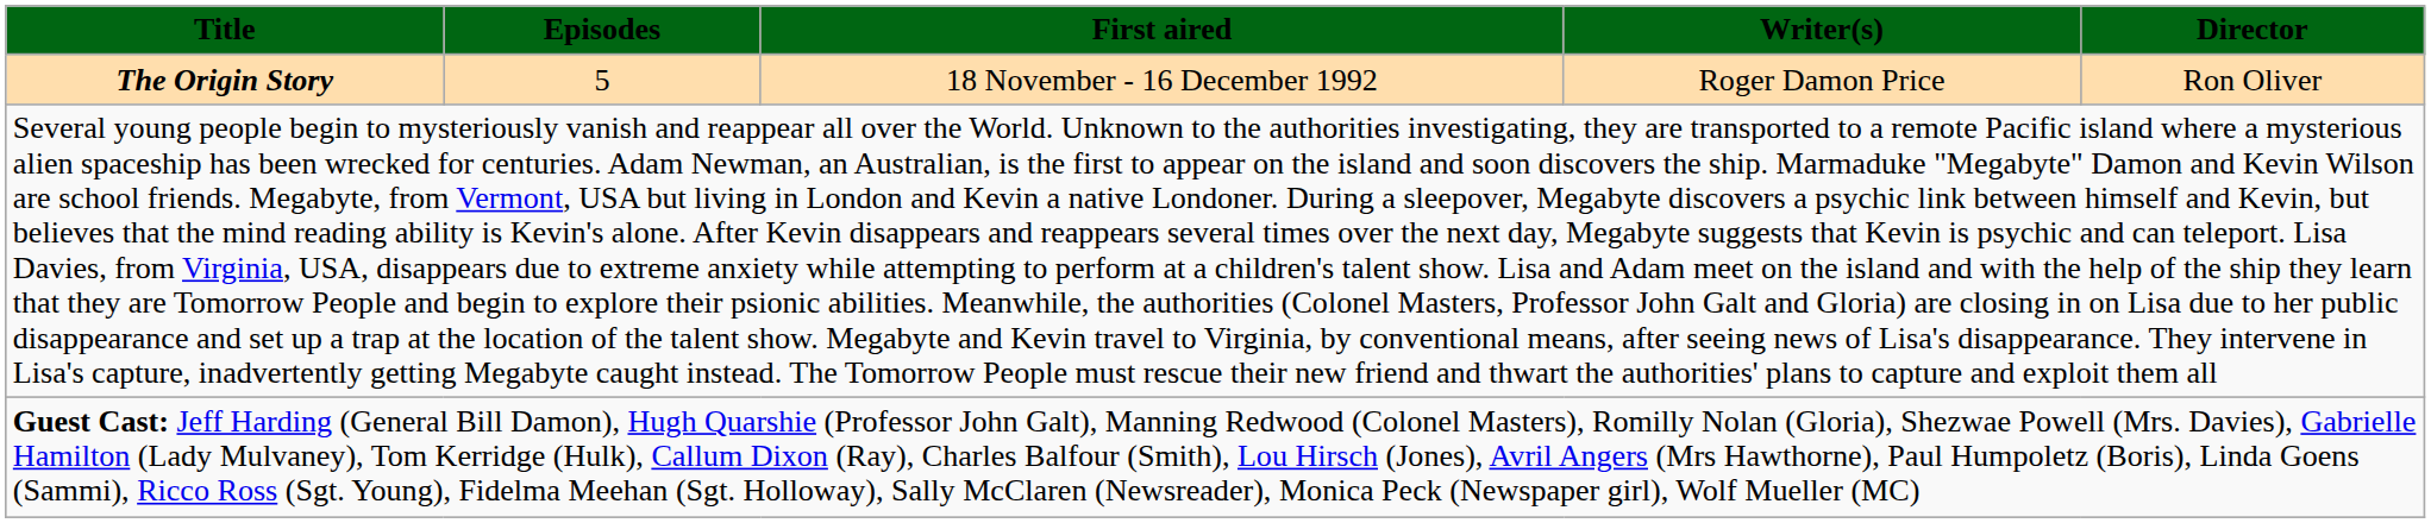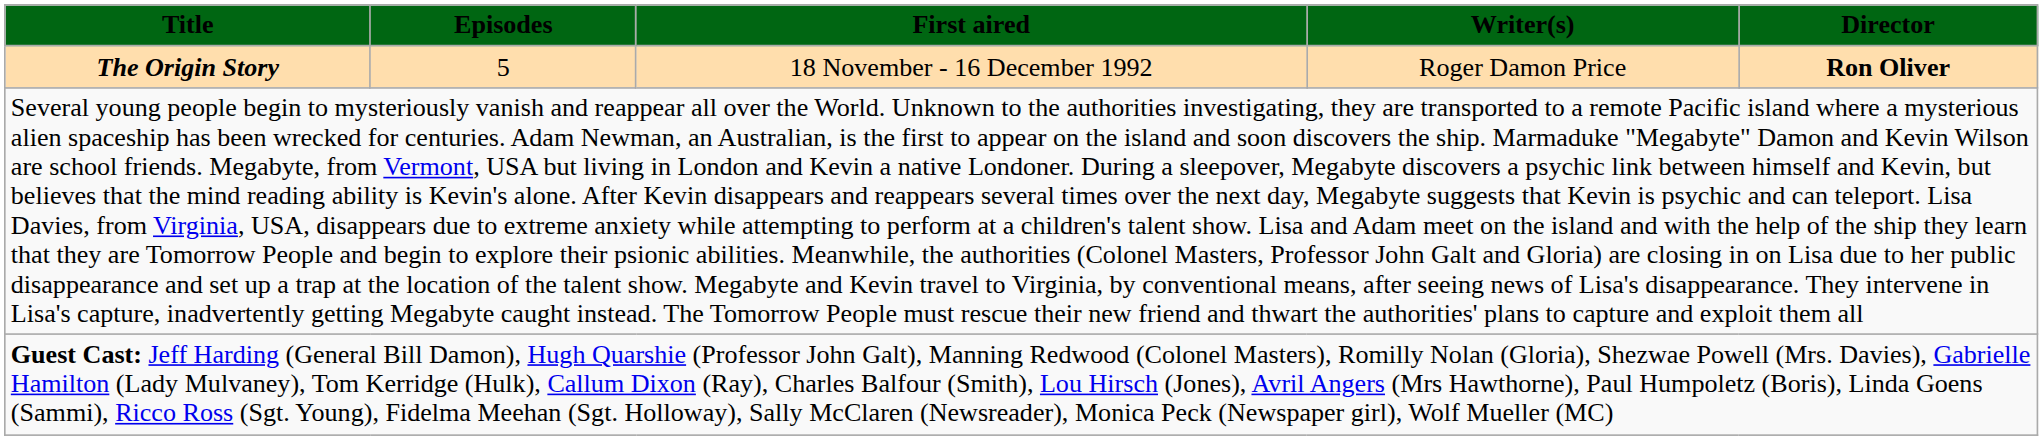 <table class="wikitable">
 <tr>
 <th style="background-color:#006612;">Title</th>
 <th style="background-color:#006612;">Episodes</th>
 <th style="background-color:#006612;">First aired</th>
 <th style="background-color:#006612;">Writer(s)</th>
 <th style="background-color:#006612;">Director</th>
 </tr>
 <tr align="center">
 <td style="background:#FFDEAD;"><strong><em>The Origin Story</em></strong></td>
 <td style="background:#FFDEAD;">5</td>
 <td style="background:#FFDEAD;">18 November - 16 December 1992</td>
 <td style="background:#FFDEAD;">Roger Damon Price</td>
-<td style="background:#FFDEAD;">Ron Oliver</td>
+<td style="background:#FFDEAD;"><strong>Ron Oliver</strong></td>
 </tr>
 <tr align="left">
 <td colspan="5">Several young people begin to mysteriously vanish and reappear all over the World. Unknown to the authorities investigating, they are transported to a remote Pacific island where a mysterious alien spaceship has been wrecked for centuries. Adam Newman, an Australian, is the first to appear on the island and soon discovers the ship. Marmaduke "Megabyte" Damon and Kevin Wilson are school friends. Megabyte, from <a href='#'>Vermont</a>, USA but living in London and Kevin a native Londoner. During a sleepover, Megabyte discovers a psychic link between himself and Kevin, but believes that the mind reading ability is Kevin's alone. After Kevin disappears and reappears several times over the next day, Megabyte suggests that Kevin is psychic and can teleport. Lisa Davies, from <a href='#'>Virginia</a>, USA, disappears due to extreme anxiety while attempting to perform at a children's talent show. Lisa and Adam meet on the island and with the help of the ship they learn that they are Tomorrow People and begin to explore their psionic abilities. Meanwhile, the authorities (Colonel Masters, Professor John Galt and Gloria) are closing in on Lisa due to her public disappearance and set up a trap at the location of the talent show. Megabyte and Kevin travel to Virginia, by conventional means, after seeing news of Lisa's disappearance. They intervene in Lisa's capture, inadvertently getting Megabyte caught instead. The Tomorrow People must rescue their new friend and thwart the authorities' plans to capture and exploit them all</td>
 </tr>
 <tr align="left">
 <td colspan="5"><strong>Guest Cast:</strong> <a href='#'>Jeff Harding</a> (General Bill Damon), <a href='#'>Hugh Quarshie</a> (Professor John Galt), Manning Redwood (Colonel Masters), Romilly Nolan (Gloria), Shezwae Powell (Mrs. Davies), <a href='#'>Gabrielle Hamilton</a> (Lady Mulvaney), Tom Kerridge (Hulk), <a href='#'>Callum Dixon</a> (Ray), Charles Balfour (Smith), <a href='#'>Lou Hirsch</a> (Jones), <a href='#'>Avril Angers</a> (Mrs Hawthorne), Paul Humpoletz (Boris), Linda Goens (Sammi), <a href='#'>Ricco Ross</a> (Sgt. Young), Fidelma Meehan (Sgt. Holloway), Sally McClaren (Newsreader), Monica Peck (Newspaper girl), Wolf Mueller (MC)</td>
 </tr>
 </table>
